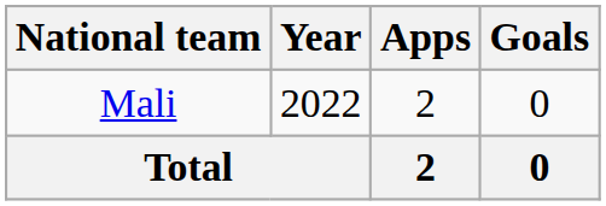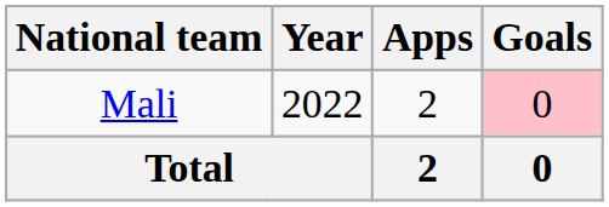 <table class="wikitable" style="text-align:center">
 <tr>
 <th>National team</th>
 <th>Year</th>
 <th>Apps</th>
 <th>Goals</th>
 </tr>
 <tr>
 <td><a href='#'>Mali</a></td>
 <td>2022</td>
 <td>2</td>
-<td>0</td>
+<td style="background: pink;">0</td>
 </tr>
 <tr>
 <th colspan="2">Total</th>
 <th>2</th>
 <th>0</th>
 </tr>
 </table>
